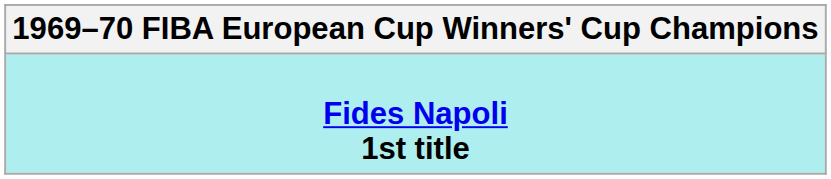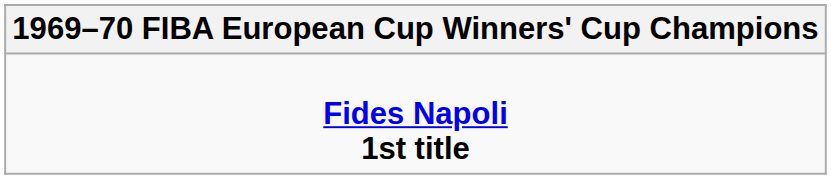 <table class=wikitable style="text-align:center; margin:auto">
 <tr>
 <th>1969–70 FIBA European Cup Winners' Cup Champions</th>
 </tr>
 <tr>
-<td style="background: paleturquoise;"><br> <strong><a href='#'>Fides Napoli</a></strong> <br> <strong>1st title</strong></td>
+<td><br> <strong><a href='#'>Fides Napoli</a></strong> <br> <strong>1st title</strong></td>
 </tr>
 </table>
